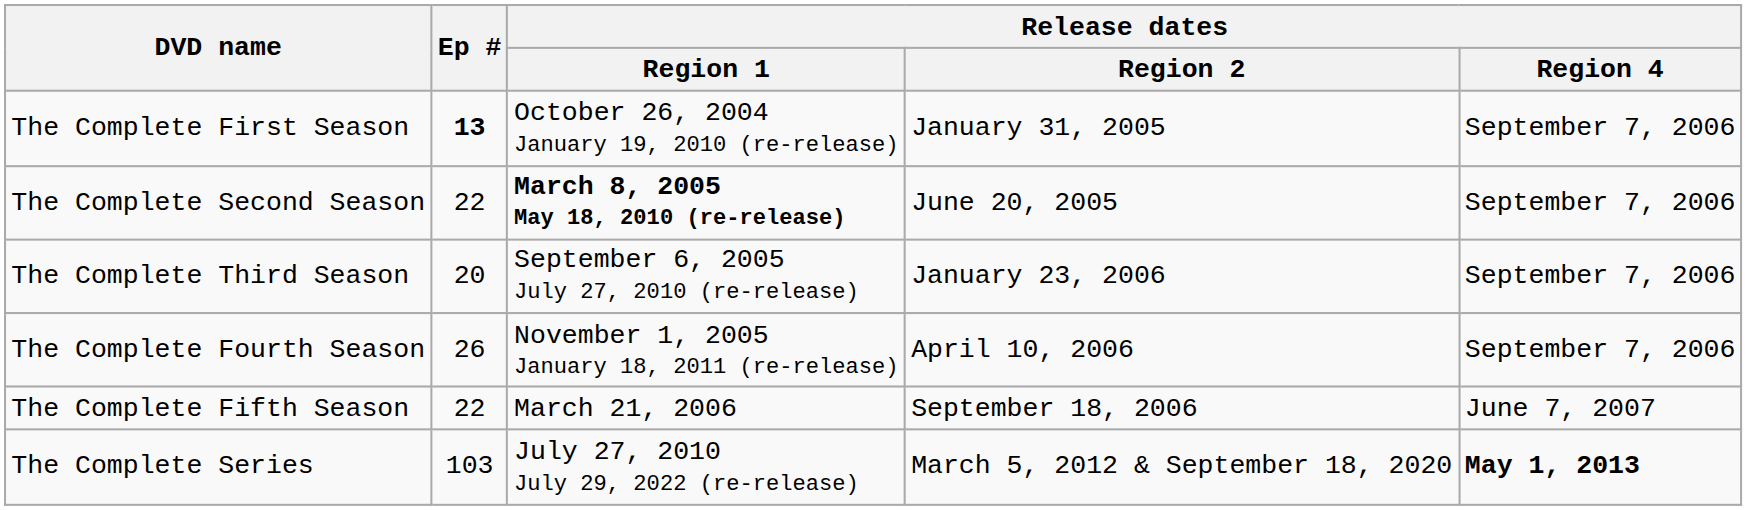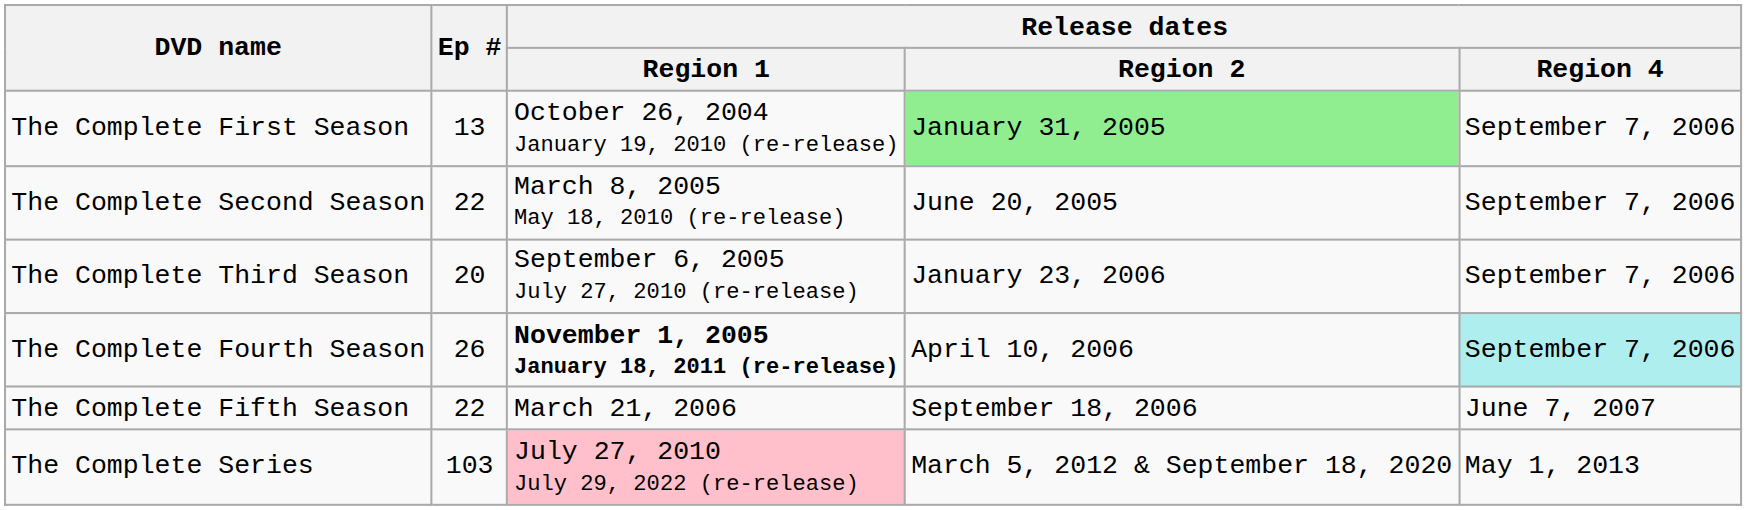 <table class="wikitable">
 <tr>
 <th rowspan="2">DVD name</th>
 <th rowspan="2">Ep #</th>
 <th colspan="3">Release dates</th>
 </tr>
 <tr>
 <th>Region 1</th>
 <th>Region 2</th>
 <th>Region 4</th>
 </tr>
 <tr>
 <td>The Complete First Season</td>
-<td style="text-align:center;"><strong>13</strong></td>
+<td style="text-align:center;">13</td>
 <td>October 26, 2004<br><small>January 19, 2010 (re-release)</small></td>
-<td>January 31, 2005</td>
+<td style="background: lightgreen;">January 31, 2005</td>
 <td>September 7, 2006</td>
 </tr>
 <tr>
 <td>The Complete Second Season</td>
 <td style="text-align:center;">22</td>
-<td><strong>March 8, 2005<br><small>May 18, 2010 (re-release)</small></strong></td>
+<td>March 8, 2005<br><small>May 18, 2010 (re-release)</small></td>
 <td>June 20, 2005</td>
 <td>September 7, 2006</td>
 </tr>
 <tr>
 <td>The Complete Third Season</td>
 <td style="text-align:center;">20</td>
 <td>September 6, 2005<br><small>July 27, 2010 (re-release)</small></td>
 <td>January 23, 2006</td>
 <td>September 7, 2006</td>
 </tr>
 <tr>
 <td>The Complete Fourth Season</td>
 <td style="text-align:center;">26</td>
-<td>November 1, 2005<br><small>January 18, 2011 (re-release)</small></td>
+<td><strong>November 1, 2005<br><small>January 18, 2011 (re-release)</small></strong></td>
 <td>April 10, 2006</td>
-<td>September 7, 2006</td>
+<td style="background: paleturquoise;">September 7, 2006</td>
 </tr>
 <tr>
 <td>The Complete Fifth Season</td>
 <td style="text-align:center;">22</td>
 <td>March 21, 2006</td>
 <td>September 18, 2006</td>
 <td>June 7, 2007</td>
 </tr>
 <tr>
 <td>The Complete Series</td>
 <td style="text-align:center;">103</td>
-<td>July 27, 2010<br><small>July 29, 2022 (re-release)</small></td>
+<td style="background: pink;">July 27, 2010<br><small>July 29, 2022 (re-release)</small></td>
 <td>March 5, 2012 & September 18, 2020</td>
-<td><strong>May 1, 2013</strong></td>
+<td>May 1, 2013</td>
 </tr>
 </table>
